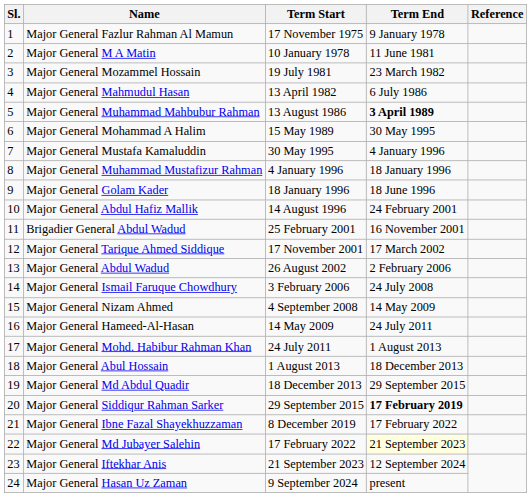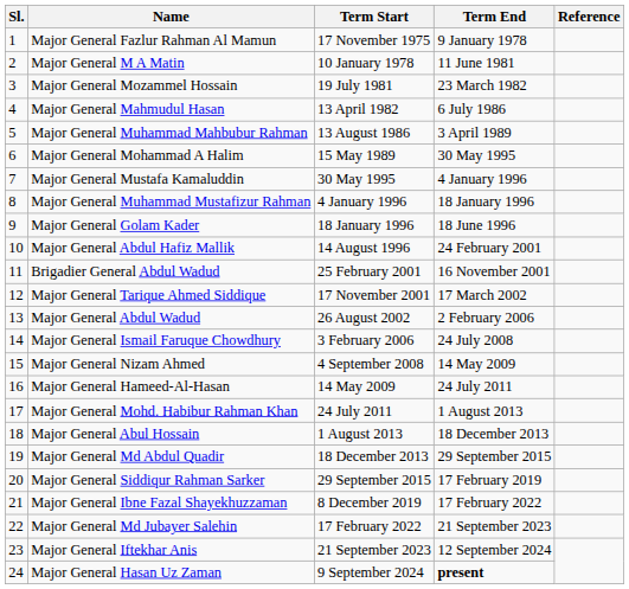 <table class="wikitable">
 <tr>
 <th>Sl.</th>
 <th>Name</th>
 <th>Term Start</th>
 <th>Term End</th>
 <th>Reference</th>
 </tr>
 <tr>
 <td>1</td>
 <td>Major General Fazlur Rahman Al Mamun</td>
 <td>17 November 1975</td>
 <td>9 January 1978</td>
 <td></td>
 </tr>
 <tr>
 <td>2</td>
 <td>Major General <a href='#'>M A Matin</a></td>
 <td>10 January 1978</td>
 <td>11 June 1981</td>
 <td></td>
 </tr>
 <tr>
 <td>3</td>
 <td>Major General Mozammel Hossain</td>
 <td>19 July 1981</td>
 <td>23 March 1982</td>
 <td></td>
 </tr>
 <tr>
 <td>4</td>
 <td>Major General <a href='#'>Mahmudul Hasan</a></td>
 <td>13 April 1982</td>
 <td>6 July 1986</td>
 <td></td>
 </tr>
 <tr>
 <td>5</td>
 <td>Major General <a href='#'>Muhammad Mahbubur Rahman</a></td>
 <td>13 August 1986</td>
-<td><strong>3 April 1989</strong></td>
+<td>3 April 1989</td>
 <td></td>
 </tr>
 <tr>
 <td>6</td>
 <td>Major General Mohammad A Halim</td>
 <td>15 May 1989</td>
 <td>30 May 1995</td>
 <td></td>
 </tr>
 <tr>
 <td>7</td>
 <td>Major General Mustafa Kamaluddin</td>
 <td>30 May 1995</td>
 <td>4 January 1996</td>
 <td></td>
 </tr>
 <tr>
 <td>8</td>
 <td>Major General <a href='#'>Muhammad Mustafizur Rahman</a></td>
 <td>4 January 1996</td>
 <td>18 January 1996</td>
 <td></td>
 </tr>
 <tr>
 <td>9</td>
 <td>Major General <a href='#'>Golam Kader</a></td>
 <td>18 January 1996</td>
 <td>18 June 1996</td>
 <td></td>
 </tr>
 <tr>
 <td>10</td>
 <td>Major General <a href='#'>Abdul Hafiz Mallik</a></td>
 <td>14 August 1996</td>
 <td>24 February 2001</td>
 <td></td>
 </tr>
 <tr>
 <td>11</td>
 <td>Brigadier General <a href='#'>Abdul Wadud</a></td>
 <td>25 February 2001</td>
 <td>16 November 2001</td>
 <td></td>
 </tr>
 <tr>
 <td>12</td>
 <td>Major General <a href='#'>Tarique Ahmed Siddique</a></td>
 <td>17 November 2001</td>
 <td>17 March 2002</td>
 <td></td>
 </tr>
 <tr>
 <td>13</td>
 <td>Major General <a href='#'>Abdul Wadud</a></td>
 <td>26 August 2002</td>
 <td>2 February 2006</td>
 <td></td>
 </tr>
 <tr>
 <td>14</td>
 <td>Major General <a href='#'>Ismail Faruque Chowdhury</a></td>
 <td>3 February 2006</td>
 <td>24 July 2008</td>
 <td></td>
 </tr>
 <tr>
 <td>15</td>
 <td>Major General Nizam Ahmed</td>
 <td>4 September 2008</td>
 <td>14 May 2009</td>
 <td></td>
 </tr>
 <tr>
 <td>16</td>
 <td>Major General Hameed-Al-Hasan</td>
 <td>14 May 2009</td>
 <td>24 July 2011</td>
 <td></td>
 </tr>
 <tr>
 <td>17</td>
 <td>Major General <a href='#'>Mohd. Habibur Rahman Khan</a></td>
 <td>24 July 2011</td>
 <td>1 August 2013</td>
 <td></td>
 </tr>
 <tr>
 <td>18</td>
 <td>Major General <a href='#'>Abul Hossain</a></td>
 <td>1 August 2013</td>
 <td>18 December 2013</td>
 <td></td>
 </tr>
 <tr>
 <td>19</td>
 <td>Major General <a href='#'>Md Abdul Quadir</a></td>
 <td>18 December 2013</td>
 <td>29 September 2015</td>
 <td></td>
 </tr>
 <tr>
 <td>20</td>
 <td>Major General <a href='#'>Siddiqur Rahman Sarker</a></td>
 <td>29 September 2015</td>
-<td><strong>17 February 2019</strong></td>
+<td>17 February 2019</td>
 <td></td>
 </tr>
 <tr>
 <td>21</td>
 <td>Major General <a href='#'>Ibne Fazal Shayekhuzzaman</a></td>
 <td>8 December 2019</td>
 <td>17 February 2022</td>
 <td></td>
 </tr>
 <tr>
 <td>22</td>
 <td>Major General <a href='#'>Md Jubayer Salehin</a></td>
 <td>17 February 2022</td>
-<td style="background: lightyellow;">21 September 2023</td>
+<td>21 September 2023</td>
 <td></td>
 </tr>
 <tr>
 <td>23</td>
 <td>Major General <a href='#'>Iftekhar Anis</a></td>
 <td>21 September 2023</td>
 <td>12 September 2024</td>
 </tr>
 <tr>
 <td>24</td>
 <td>Major General <a href='#'>Hasan Uz Zaman</a></td>
 <td>9 September 2024</td>
-<td>present</td>
+<td><strong>present</strong></td>
 </tr>
 </table>
